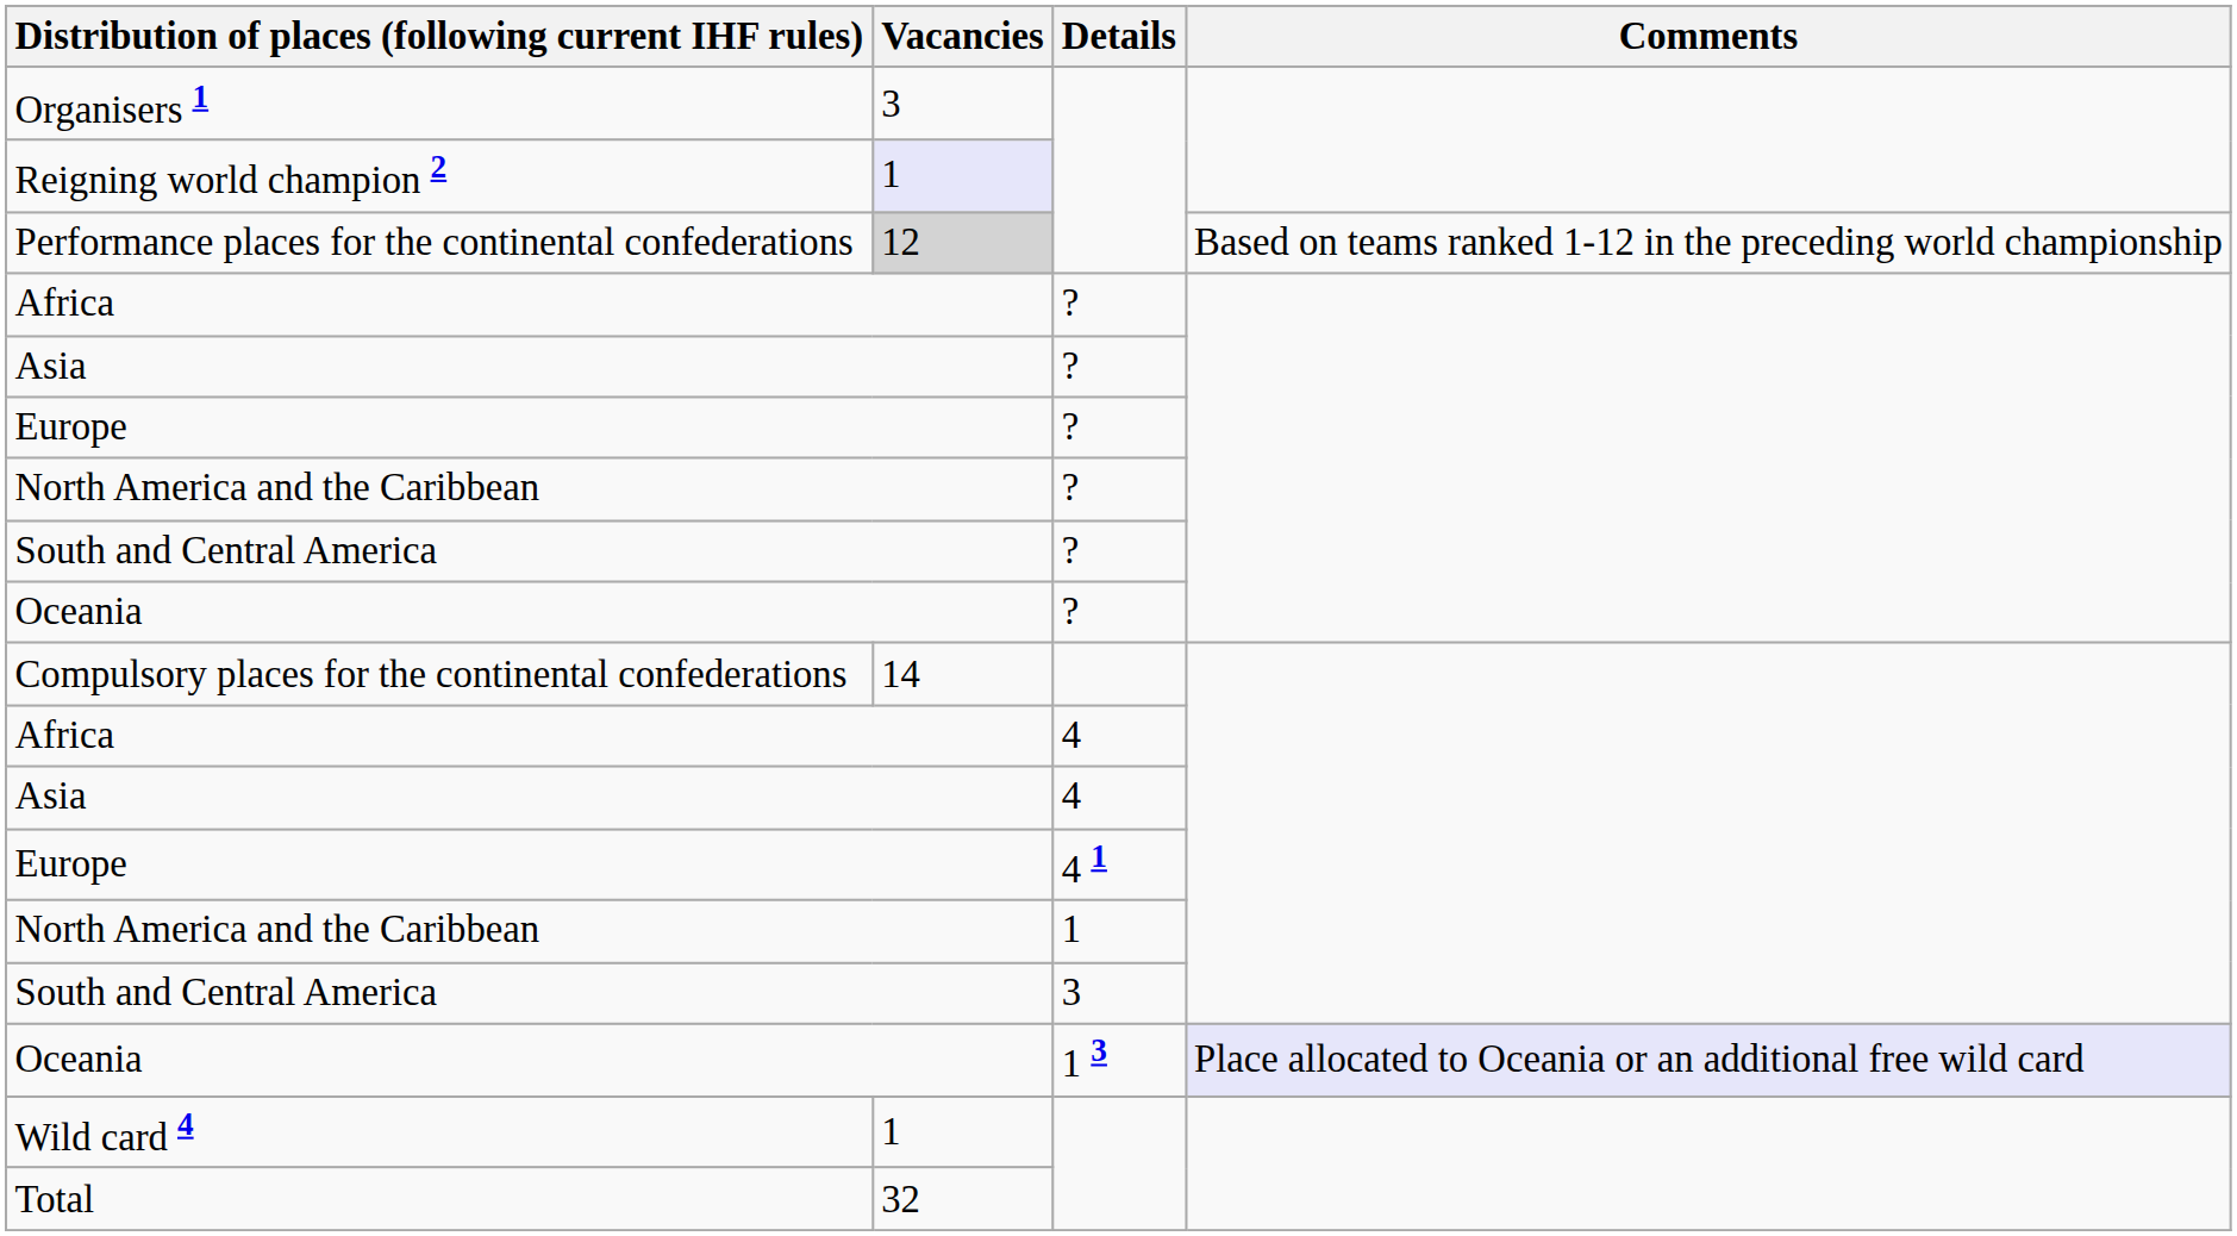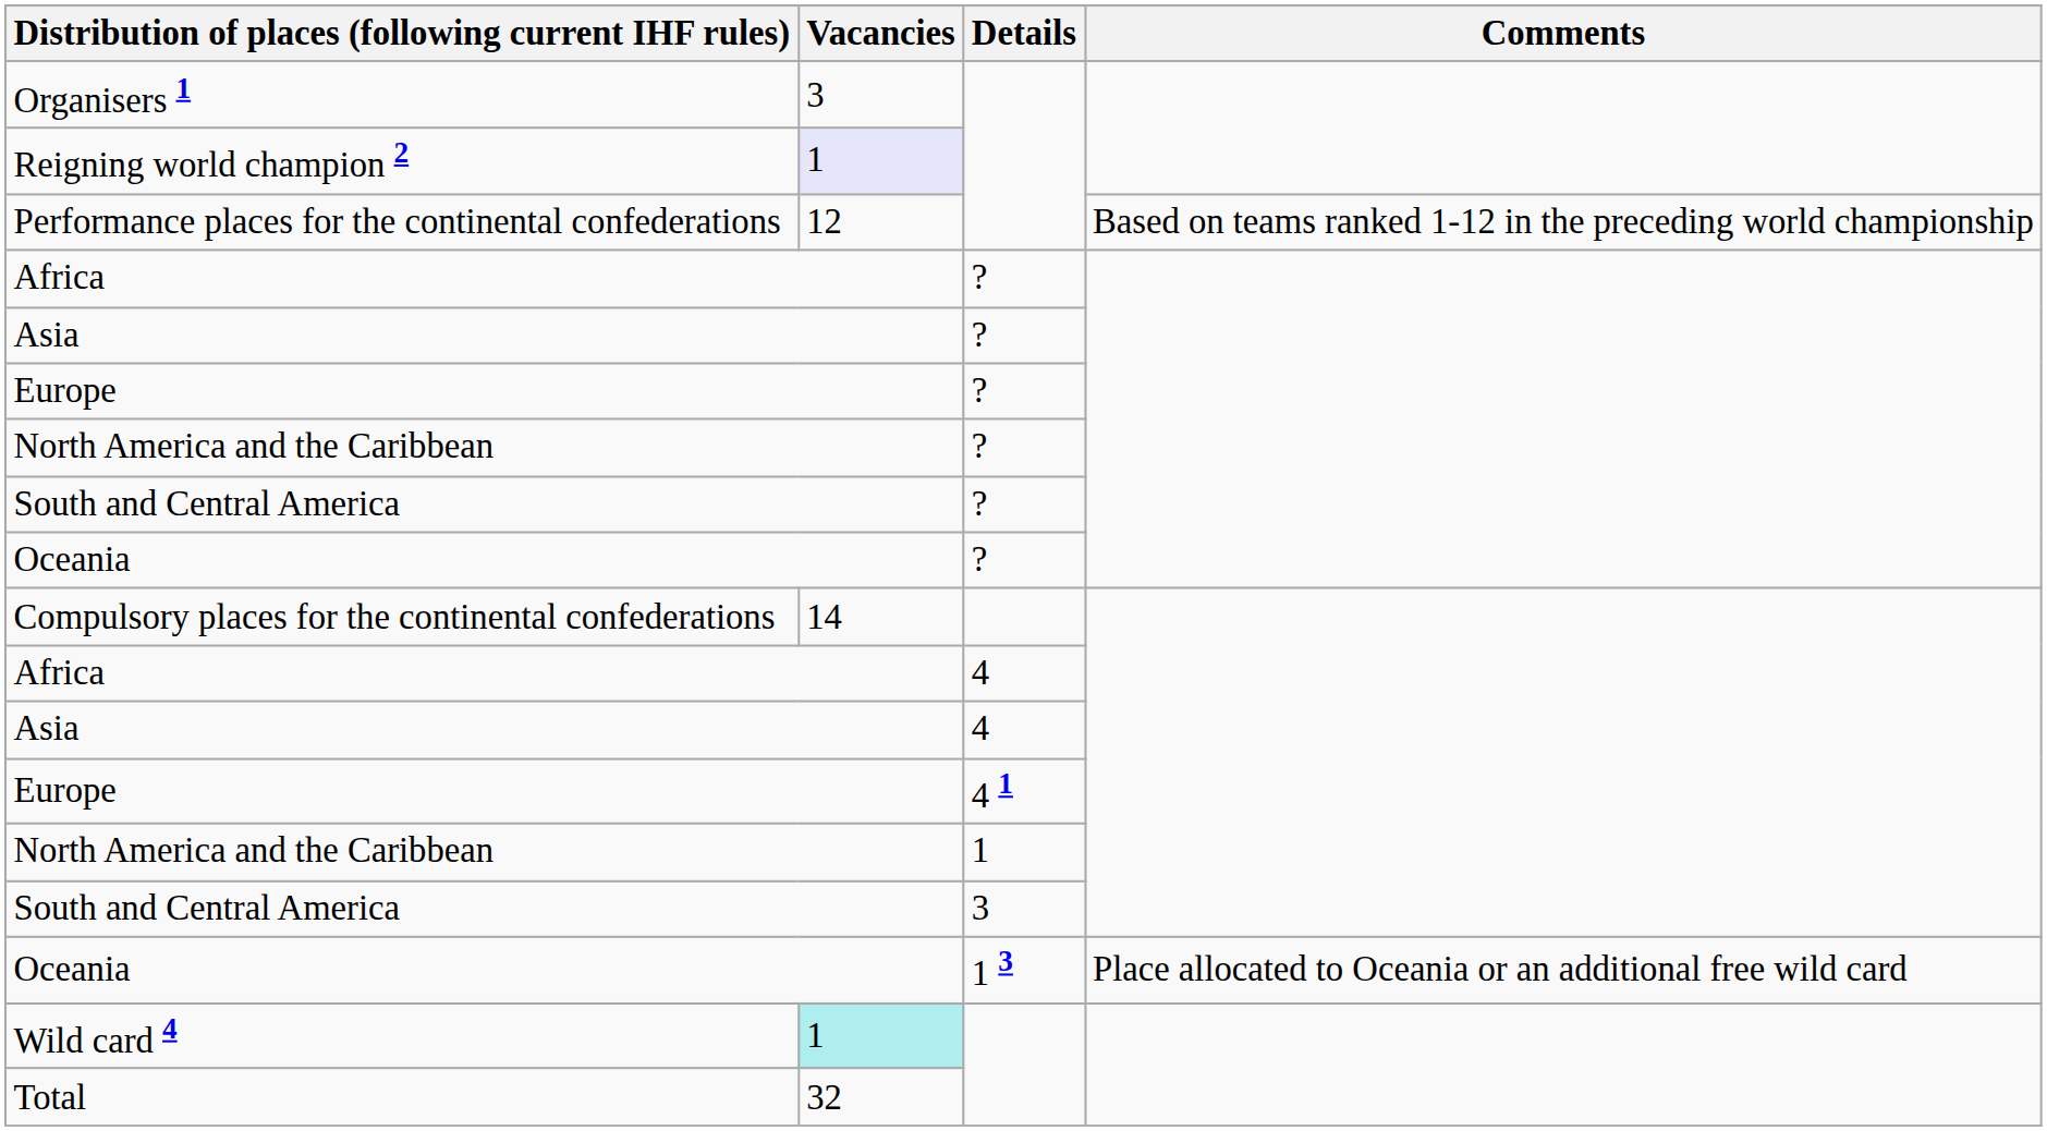 <table class="wikitable">
 <tr>
 <th>Distribution of places (following current IHF rules)</th>
 <th>Vacancies</th>
 <th>Details</th>
 <th>Comments</th>
 </tr>
 <tr>
 <td>Organisers <sup><strong><a href='#'>1</a></strong></sup></td>
 <td>3</td>
 <td rowspan=3></td>
 <td rowspan=2></td>
 </tr>
 <tr>
 <td>Reigning world champion <sup><strong><a href='#'>2</a></strong></sup></td>
 <td style="background: lavender;">1</td>
 </tr>
 <tr>
 <td>Performance places for the continental confederations</td>
-<td style="background: lightgrey;">12</td>
+<td>12</td>
 <td>Based on teams ranked 1-12 in the preceding world championship</td>
 </tr>
 <tr>
 <td colspan=2>Africa</td>
 <td>?</td>
 <td rowspan=6></td>
 </tr>
 <tr>
 <td colspan=2>Asia</td>
 <td>?</td>
 </tr>
 <tr>
 <td colspan=2>Europe</td>
 <td>?</td>
 </tr>
 <tr>
 <td colspan=2>North America and the Caribbean</td>
 <td>?</td>
 </tr>
 <tr>
 <td colspan=2>South and Central America</td>
 <td>?</td>
 </tr>
 <tr>
 <td colspan=2>Oceania</td>
 <td>?</td>
 </tr>
 <tr>
 <td>Compulsory places for the continental confederations</td>
 <td>14</td>
 <td></td>
 <td rowspan=6></td>
 </tr>
 <tr>
 <td colspan=2>Africa</td>
 <td>4</td>
 </tr>
 <tr>
 <td colspan=2>Asia</td>
 <td>4</td>
 </tr>
 <tr>
 <td colspan=2>Europe</td>
 <td>4 <sup><strong><a href='#'>1</a></strong></sup></td>
 </tr>
 <tr>
 <td colspan=2>North America and the Caribbean</td>
 <td>1</td>
 </tr>
 <tr>
 <td colspan=2>South and Central America</td>
 <td>3</td>
 </tr>
 <tr>
 <td colspan=2>Oceania</td>
 <td>1 <sup><strong><a href='#'>3</a></strong></sup></td>
-<td style="background: lavender;">Place allocated to Oceania or an additional free wild card</td>
+<td>Place allocated to Oceania or an additional free wild card</td>
 </tr>
 <tr>
 <td>Wild card <sup><strong><a href='#'>4</a></strong></sup></td>
-<td>1</td>
+<td style="background: paleturquoise;">1</td>
 <td rowspan=2></td>
 </tr>
 <tr>
 <td>Total</td>
 <td>32</td>
 </tr>
 </table>
